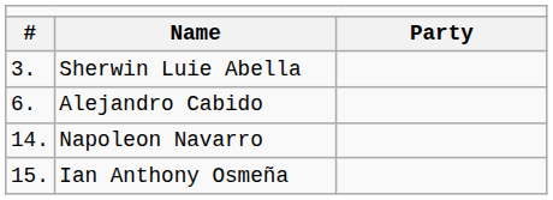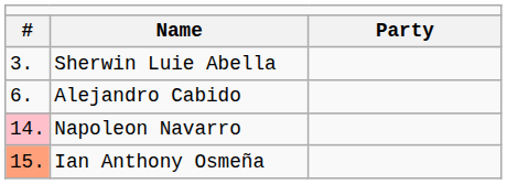 <table class=wikitable style="font-size:90%">
 <tr>
 <td colspan=4 bgcolor=></td>
 </tr>
 <tr>
 <th>#</th>
 <th width=150px>Name</th>
 <th colspan=2 width=110px>Party</th>
 </tr>
 <tr>
 <td>3.</td>
 <td>Sherwin Luie Abella</td>
 <td></td>
 </tr>
 <tr>
 <td>6.</td>
 <td>Alejandro Cabido</td>
 <td></td>
 </tr>
 <tr>
-<td>14.</td>
+<td style="background: pink;">14.</td>
 <td>Napoleon Navarro</td>
 <td></td>
 </tr>
 <tr>
-<td>15.</td>
+<td style="background: lightsalmon;">15.</td>
 <td>Ian Anthony Osmeña</td>
 <td></td>
 </tr>
 </table>
